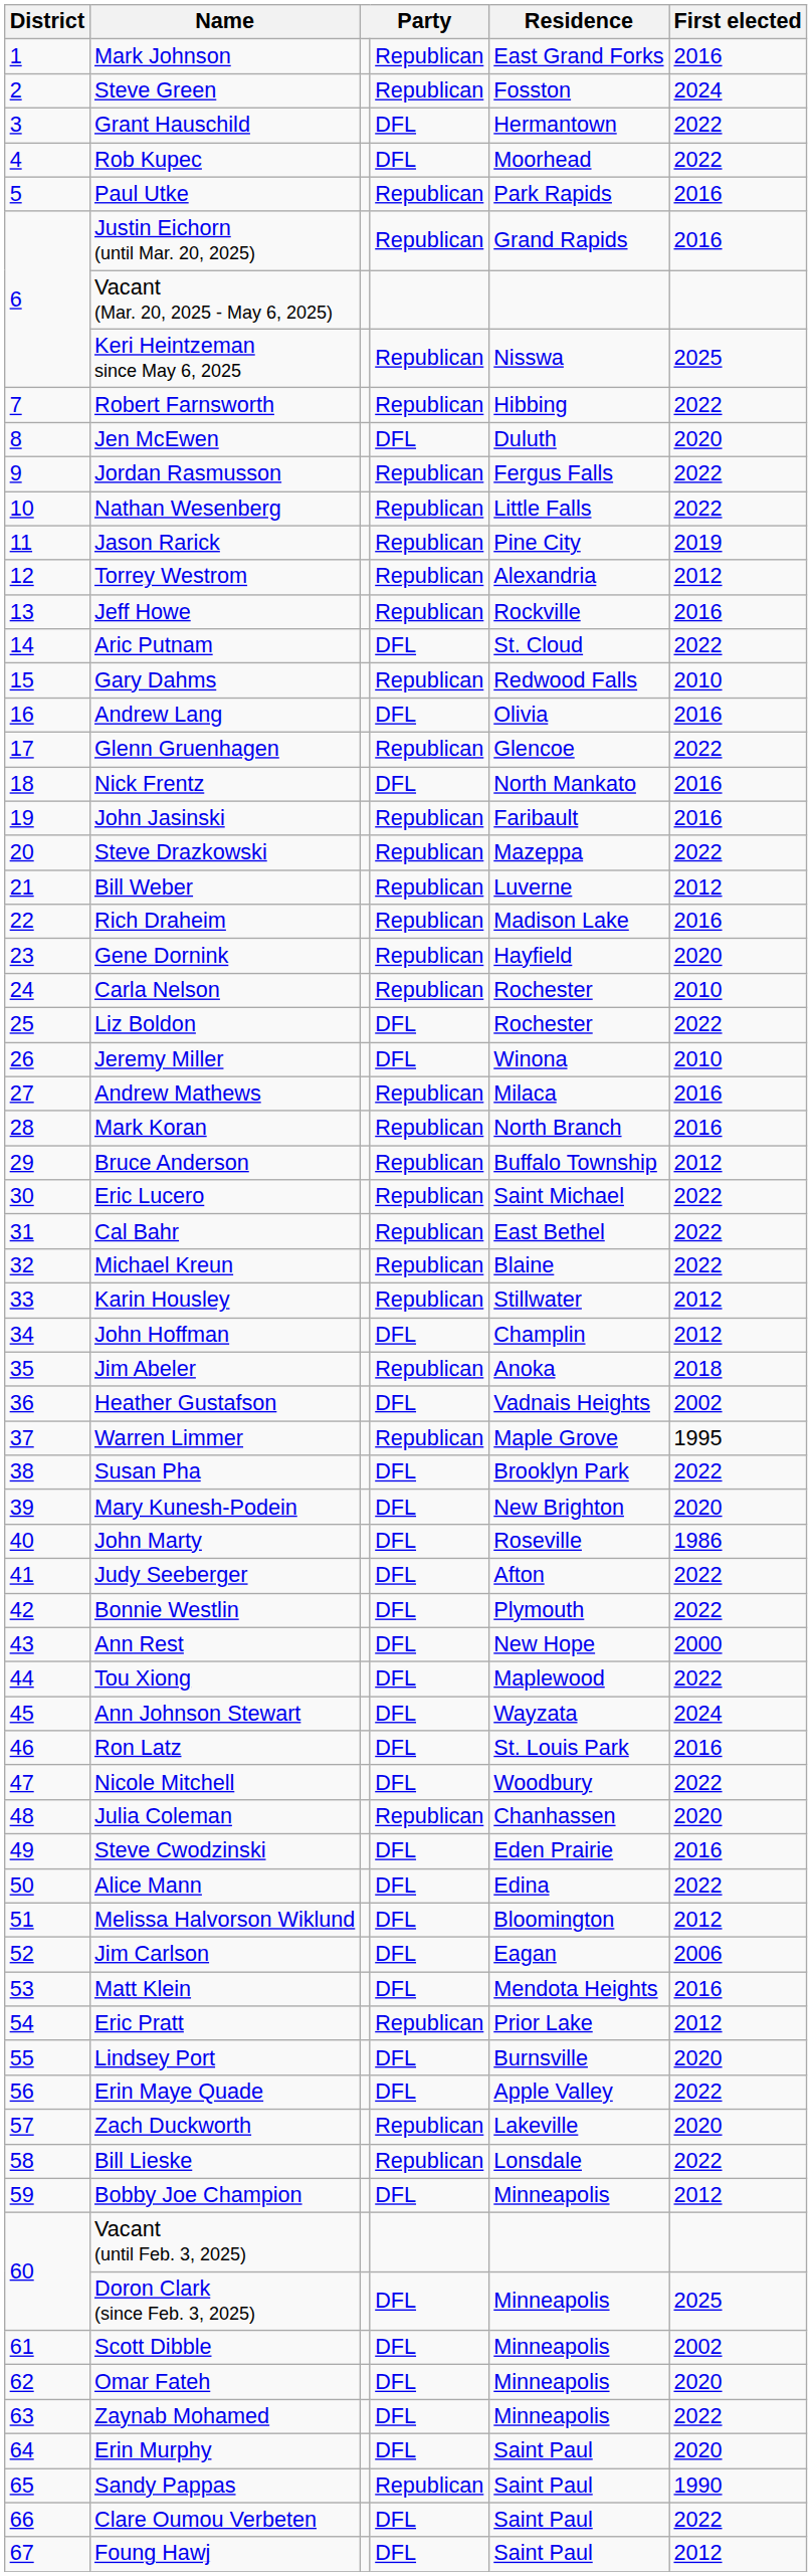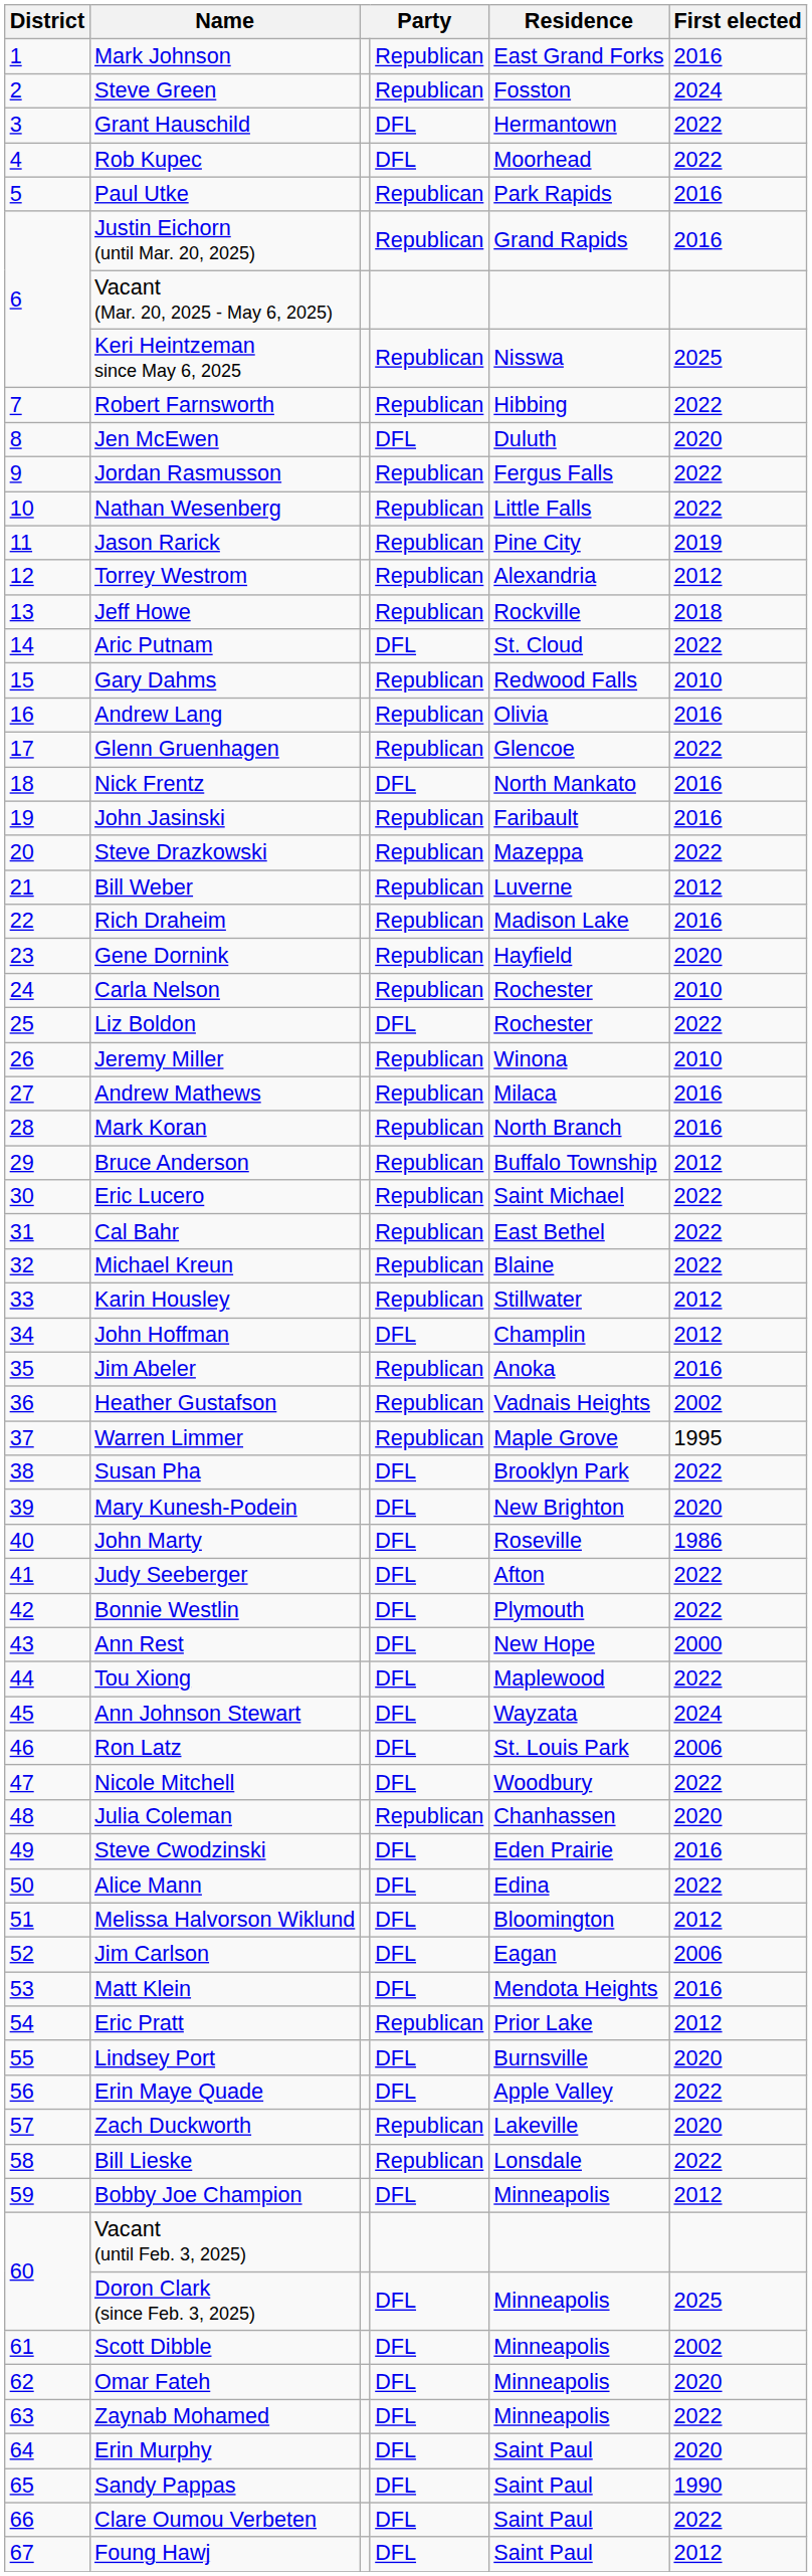 <table class="wikitable sortable">
 <tr>
 <th>District</th>
 <th>Name</th>
 <th colspan=2>Party</th>
 <th>Residence</th>
 <th>First elected</th>
 </tr>
 <tr>
 <td><a href='#'>1</a></td>
 <td data-sort-value="Johnson, Mark"><a href='#'>Mark Johnson</a></td>
 <td style="background:"></td>
 <td><a href='#'>Republican</a></td>
 <td><a href='#'>East Grand Forks</a></td>
 <td><a href='#'>2016</a></td>
 </tr>
 <tr>
 <td><a href='#'>2</a></td>
 <td data-sort-value="Green, Steve"><a href='#'>Steve Green</a></td>
 <td style="background:"></td>
 <td><a href='#'>Republican</a></td>
 <td><a href='#'>Fosston</a></td>
 <td><a href='#'>2024</a></td>
 </tr>
 <tr>
 <td><a href='#'>3</a></td>
 <td data-sort-value="Hauschild, Grant"><a href='#'>Grant Hauschild</a></td>
 <td style="background:"></td>
 <td><a href='#'>DFL</a></td>
 <td><a href='#'>Hermantown</a></td>
 <td><a href='#'>2022</a></td>
 </tr>
 <tr>
 <td><a href='#'>4</a></td>
 <td data-sort-value="Kupec, Rob"><a href='#'>Rob Kupec</a></td>
 <td style="background:"></td>
 <td><a href='#'>DFL</a></td>
 <td><a href='#'>Moorhead</a></td>
 <td><a href='#'>2022</a></td>
 </tr>
 <tr>
 <td><a href='#'>5</a></td>
 <td data-sort-value="Utke, Paul"><a href='#'>Paul Utke</a></td>
 <td style="background:"></td>
 <td><a href='#'>Republican</a></td>
 <td><a href='#'>Park Rapids</a></td>
 <td><a href='#'>2016</a></td>
 </tr>
 <tr>
 <td rowspan=3><a href='#'>6</a></td>
 <td data-sort-value="Eichorn, Justin"><a href='#'>Justin Eichorn</a><br><small>(until Mar. 20, 2025)</small></td>
 <td style="background:"></td>
 <td><a href='#'>Republican</a></td>
 <td><a href='#'>Grand Rapids</a></td>
 <td><a href='#'>2016</a></td>
 </tr>
 <tr>
 <td data-sort-value="Vacant">Vacant<br><small>(Mar. 20, 2025 - May 6, 2025)</small></td>
 <td style="background:"></td>
 <td></td>
 <td></td>
 <td></td>
 </tr>
 <tr>
 <td data-sort-value="Heintzeman, Keri"><a href='#'>Keri Heintzeman</a><br><small>since May 6, 2025 </small></td>
 <td style="background:"></td>
 <td><a href='#'>Republican</a></td>
 <td><a href='#'>Nisswa</a></td>
 <td><a href='#'>2025</a></td>
 </tr>
 <tr>
 <td><a href='#'>7</a></td>
 <td data-sort-value="Farnsworth, Rob"><a href='#'>Robert Farnsworth</a></td>
 <td style="background:"></td>
 <td><a href='#'>Republican</a></td>
 <td><a href='#'>Hibbing</a></td>
 <td><a href='#'>2022</a></td>
 </tr>
 <tr>
 <td><a href='#'>8</a></td>
 <td data-sort-value="McEwen, Jen"><a href='#'>Jen McEwen</a></td>
 <td style="background:"></td>
 <td><a href='#'>DFL</a></td>
 <td><a href='#'>Duluth</a></td>
 <td><a href='#'>2020</a></td>
 </tr>
 <tr>
 <td><a href='#'>9</a></td>
 <td data-sort-value="Rasmusson, Jordan"><a href='#'>Jordan Rasmusson</a></td>
 <td style="background:"></td>
 <td><a href='#'>Republican</a></td>
 <td><a href='#'>Fergus Falls</a></td>
 <td><a href='#'>2022</a></td>
 </tr>
 <tr>
 <td><a href='#'>10</a></td>
 <td data-sort-value="Wesenberg, Nathan"><a href='#'>Nathan Wesenberg</a></td>
 <td style="background:"></td>
 <td><a href='#'>Republican</a></td>
 <td><a href='#'>Little Falls</a></td>
 <td><a href='#'>2022</a></td>
 </tr>
 <tr>
 <td><a href='#'>11</a></td>
 <td data-sort-value="Rarick, Jason"><a href='#'>Jason Rarick</a></td>
 <td style="background:"></td>
 <td><a href='#'>Republican</a></td>
 <td><a href='#'>Pine City</a></td>
 <td><a href='#'>2019</a></td>
 </tr>
 <tr>
 <td><a href='#'>12</a></td>
 <td data-sort-value="Westrom, Torrey"><a href='#'>Torrey Westrom</a></td>
 <td style="background:"></td>
 <td><a href='#'>Republican</a></td>
 <td><a href='#'>Alexandria</a></td>
 <td><a href='#'>2012</a></td>
 </tr>
 <tr>
 <td><a href='#'>13</a></td>
 <td data-sort-value="Howe, Jeff"><a href='#'>Jeff Howe</a></td>
 <td style="background:"></td>
 <td><a href='#'>Republican</a></td>
 <td><a href='#'>Rockville</a></td>
-<td><a href='#'>2016</a></td>
+<td><a href='#'>2018</a></td>
 </tr>
 <tr>
 <td><a href='#'>14</a></td>
 <td data-sort-value="Putnam, Aric"><a href='#'>Aric Putnam</a></td>
 <td style="background:"></td>
 <td><a href='#'>DFL</a></td>
 <td><a href='#'>St. Cloud</a></td>
 <td><a href='#'>2022</a></td>
 </tr>
 <tr>
 <td><a href='#'>15</a></td>
 <td data-sort-value="Dahms, Gary"><a href='#'>Gary Dahms</a></td>
 <td style="background:"></td>
 <td><a href='#'>Republican</a></td>
 <td><a href='#'>Redwood Falls</a></td>
 <td><a href='#'>2010</a></td>
 </tr>
 <tr>
 <td><a href='#'>16</a></td>
 <td data-sort-value="Lang, Andrew"><a href='#'>Andrew Lang</a></td>
 <td style="background:"></td>
-<td><a href='#'>DFL</a></td>
+<td><a href='#'>Republican</a></td>
 <td><a href='#'>Olivia</a></td>
 <td><a href='#'>2016</a></td>
 </tr>
 <tr>
 <td><a href='#'>17</a></td>
 <td data-sort-value="Gruenhagen, Glenn"><a href='#'>Glenn Gruenhagen</a></td>
 <td style="background:"></td>
 <td><a href='#'>Republican</a></td>
 <td><a href='#'>Glencoe</a></td>
 <td><a href='#'>2022</a></td>
 </tr>
 <tr>
 <td><a href='#'>18</a></td>
 <td data-sort-value="Frentz, Nick"><a href='#'>Nick Frentz</a></td>
 <td style="background:"></td>
 <td><a href='#'>DFL</a></td>
 <td><a href='#'>North Mankato</a></td>
 <td><a href='#'>2016</a></td>
 </tr>
 <tr>
 <td><a href='#'>19</a></td>
 <td data-sort-value="Jasinski, John"><a href='#'>John Jasinski</a></td>
 <td style="background:"></td>
 <td><a href='#'>Republican</a></td>
 <td><a href='#'>Faribault</a></td>
 <td><a href='#'>2016</a></td>
 </tr>
 <tr>
 <td><a href='#'>20</a></td>
 <td data-sort-value="Drazkowski, Steve"><a href='#'>Steve Drazkowski</a></td>
 <td style="background:"></td>
 <td><a href='#'>Republican</a></td>
 <td><a href='#'>Mazeppa</a></td>
 <td><a href='#'>2022</a></td>
 </tr>
 <tr>
 <td><a href='#'>21</a></td>
 <td data-sort-value="Weber, Bill"><a href='#'>Bill Weber</a></td>
 <td style="background:"></td>
 <td><a href='#'>Republican</a></td>
 <td><a href='#'>Luverne</a></td>
 <td><a href='#'>2012</a></td>
 </tr>
 <tr>
 <td><a href='#'>22</a></td>
 <td data-sort-value="Draheim, Rich"><a href='#'>Rich Draheim</a></td>
 <td style="background:"></td>
 <td><a href='#'>Republican</a></td>
 <td><a href='#'>Madison Lake</a></td>
 <td><a href='#'>2016</a></td>
 </tr>
 <tr>
 <td><a href='#'>23</a></td>
 <td data-sort-value="Dornik, Gene"><a href='#'>Gene Dornink</a></td>
 <td style="background:"></td>
 <td><a href='#'>Republican</a></td>
 <td><a href='#'>Hayfield</a></td>
 <td><a href='#'>2020</a></td>
 </tr>
 <tr>
 <td><a href='#'>24</a></td>
 <td data-sort-value="Nelson, Carla"><a href='#'>Carla Nelson</a></td>
 <td style="background:"></td>
 <td><a href='#'>Republican</a></td>
 <td><a href='#'>Rochester</a></td>
 <td><a href='#'>2010</a></td>
 </tr>
 <tr>
 <td><a href='#'>25</a></td>
 <td data-sort-value="Boldon, Liz"><a href='#'>Liz Boldon</a></td>
 <td style="background:"></td>
 <td><a href='#'>DFL</a></td>
 <td><a href='#'>Rochester</a></td>
 <td><a href='#'>2022</a></td>
 </tr>
 <tr>
 <td><a href='#'>26</a></td>
 <td data-sort-value="Miller, Jeremy"><a href='#'>Jeremy Miller</a></td>
 <td style="background:"></td>
-<td><a href='#'>DFL</a></td>
+<td><a href='#'>Republican</a></td>
 <td><a href='#'>Winona</a></td>
 <td><a href='#'>2010</a></td>
 </tr>
 <tr>
 <td><a href='#'>27</a></td>
 <td data-sort-value="Mathews, Andrew"><a href='#'>Andrew Mathews</a></td>
 <td style="background:"></td>
 <td><a href='#'>Republican</a></td>
 <td><a href='#'>Milaca</a></td>
 <td><a href='#'>2016</a></td>
 </tr>
 <tr>
 <td><a href='#'>28</a></td>
 <td data-sort-value="Koran, Mark"><a href='#'>Mark Koran</a></td>
 <td style="background:"></td>
 <td><a href='#'>Republican</a></td>
 <td><a href='#'>North Branch</a></td>
 <td><a href='#'>2016</a></td>
 </tr>
 <tr>
 <td><a href='#'>29</a></td>
 <td data-sort-value="Anderson, Bruce"><a href='#'>Bruce Anderson</a></td>
 <td style="background:"></td>
 <td><a href='#'>Republican</a></td>
 <td><a href='#'>Buffalo Township</a></td>
 <td><a href='#'>2012</a></td>
 </tr>
 <tr>
 <td><a href='#'>30</a></td>
 <td data-sort-value="Lucero, Eric"><a href='#'>Eric Lucero</a></td>
 <td style="background:"></td>
 <td><a href='#'>Republican</a></td>
 <td><a href='#'>Saint Michael</a></td>
 <td><a href='#'>2022</a></td>
 </tr>
 <tr>
 <td><a href='#'>31</a></td>
 <td data-sort-value="Bahr, Cal"><a href='#'>Cal Bahr</a></td>
 <td style="background:"></td>
 <td><a href='#'>Republican</a></td>
 <td><a href='#'>East Bethel</a></td>
 <td><a href='#'>2022</a></td>
 </tr>
 <tr>
 <td><a href='#'>32</a></td>
 <td data-sort-value="Kreun, Michael"><a href='#'>Michael Kreun</a></td>
 <td style="background:"></td>
 <td><a href='#'>Republican</a></td>
 <td><a href='#'>Blaine</a></td>
 <td><a href='#'>2022</a></td>
 </tr>
 <tr>
 <td><a href='#'>33</a></td>
 <td data-sort-value="Housley, Karin"><a href='#'>Karin Housley</a></td>
 <td style="background:"></td>
 <td><a href='#'>Republican</a></td>
 <td><a href='#'>Stillwater</a></td>
 <td><a href='#'>2012</a></td>
 </tr>
 <tr>
 <td><a href='#'>34</a></td>
 <td data-sort-value="Hoffman, John"><a href='#'>John Hoffman</a></td>
 <td style="background:"></td>
 <td><a href='#'>DFL</a></td>
 <td><a href='#'>Champlin</a></td>
 <td><a href='#'>2012</a></td>
 </tr>
 <tr>
 <td><a href='#'>35</a></td>
 <td data-sort-value="Abeler, Jim"><a href='#'>Jim Abeler</a></td>
 <td style="background:"></td>
 <td><a href='#'>Republican</a></td>
 <td><a href='#'>Anoka</a></td>
-<td><a href='#'>2018</a></td>
+<td><a href='#'>2016</a></td>
 </tr>
 <tr>
 <td><a href='#'>36</a></td>
 <td data-sort-value="Gustafson, Heather"><a href='#'>Heather Gustafson</a></td>
 <td style="background:"></td>
-<td><a href='#'>DFL</a></td>
+<td><a href='#'>Republican</a></td>
 <td><a href='#'>Vadnais Heights</a></td>
 <td><a href='#'>2002</a></td>
 </tr>
 <tr>
 <td><a href='#'>37</a></td>
 <td data-sort-value="Limmer, Warren"><a href='#'>Warren Limmer</a></td>
 <td style="background:"></td>
 <td><a href='#'>Republican</a></td>
 <td><a href='#'>Maple Grove</a></td>
 <td>1995</td>
 </tr>
 <tr>
 <td><a href='#'>38</a></td>
 <td data-sort-value="Pha, Susan"><a href='#'>Susan Pha</a></td>
 <td style="background:"></td>
 <td><a href='#'>DFL</a></td>
 <td><a href='#'>Brooklyn Park</a></td>
 <td><a href='#'>2022</a></td>
 </tr>
 <tr>
 <td><a href='#'>39</a></td>
 <td data-sort-value="Kunesh-Podein, Mary"><a href='#'>Mary Kunesh-Podein</a></td>
 <td style="background:"></td>
 <td><a href='#'>DFL</a></td>
 <td><a href='#'>New Brighton</a></td>
 <td><a href='#'>2020</a></td>
 </tr>
 <tr>
 <td><a href='#'>40</a></td>
 <td data-sort-value="Marty, John"><a href='#'>John Marty</a></td>
 <td style="background:"></td>
 <td><a href='#'>DFL</a></td>
 <td><a href='#'>Roseville</a></td>
 <td><a href='#'>1986</a></td>
 </tr>
 <tr>
 <td><a href='#'>41</a></td>
 <td data-sort-value="Seeberger, Judy"><a href='#'>Judy Seeberger</a></td>
 <td style="background:"></td>
 <td><a href='#'>DFL</a></td>
 <td><a href='#'>Afton</a></td>
 <td><a href='#'>2022</a></td>
 </tr>
 <tr>
 <td><a href='#'>42</a></td>
 <td data-sort-value="Westlin, Bonnie"><a href='#'>Bonnie Westlin</a></td>
 <td style="background:"></td>
 <td><a href='#'>DFL</a></td>
 <td><a href='#'>Plymouth</a></td>
 <td><a href='#'>2022</a></td>
 </tr>
 <tr>
 <td><a href='#'>43</a></td>
 <td data-sort-value="Rest, Ann"><a href='#'>Ann Rest</a></td>
 <td style="background:"></td>
 <td><a href='#'>DFL</a></td>
 <td><a href='#'>New Hope</a></td>
 <td><a href='#'>2000</a></td>
 </tr>
 <tr>
 <td><a href='#'>44</a></td>
 <td data-sort-value="Xiong, Tou"><a href='#'>Tou Xiong</a></td>
 <td style="background:"></td>
 <td><a href='#'>DFL</a></td>
 <td><a href='#'>Maplewood</a></td>
 <td><a href='#'>2022</a></td>
 </tr>
 <tr>
 <td><a href='#'>45</a></td>
 <td data-sort-value="Stewart, Ann Johnson"><a href='#'>Ann Johnson Stewart</a></td>
 <td style="background:"></td>
 <td><a href='#'>DFL</a></td>
 <td><a href='#'>Wayzata</a></td>
 <td><a href='#'>2024</a></td>
 </tr>
 <tr>
 <td><a href='#'>46</a></td>
 <td data-sort-value="Latz, Ron"><a href='#'>Ron Latz</a></td>
 <td style="background:"></td>
 <td><a href='#'>DFL</a></td>
 <td><a href='#'>St. Louis Park</a></td>
-<td><a href='#'>2016</a></td>
+<td><a href='#'>2006</a></td>
 </tr>
 <tr>
 <td><a href='#'>47</a></td>
 <td data-sort-value="Mitchell, Nicole"><a href='#'>Nicole Mitchell</a></td>
 <td style="background:"></td>
 <td><a href='#'>DFL</a></td>
 <td><a href='#'>Woodbury</a></td>
 <td><a href='#'>2022</a></td>
 </tr>
 <tr>
 <td><a href='#'>48</a></td>
 <td data-sort-value="Coleman, Julia"><a href='#'>Julia Coleman</a></td>
 <td style="background:"></td>
 <td><a href='#'>Republican</a></td>
 <td><a href='#'>Chanhassen</a></td>
 <td><a href='#'>2020</a></td>
 </tr>
 <tr>
 <td><a href='#'>49</a></td>
 <td data-sort-value="Cwodzinski, Steve"><a href='#'>Steve Cwodzinski</a></td>
 <td style="background:"></td>
 <td><a href='#'>DFL</a></td>
 <td><a href='#'>Eden Prairie</a></td>
 <td><a href='#'>2016</a></td>
 </tr>
 <tr>
 <td><a href='#'>50</a></td>
 <td data-sort-value="Mann, Alice"><a href='#'>Alice Mann</a></td>
 <td style="background:"></td>
 <td><a href='#'>DFL</a></td>
 <td><a href='#'>Edina</a></td>
 <td><a href='#'>2022</a></td>
 </tr>
 <tr>
 <td><a href='#'>51</a></td>
 <td data-sort-value="Wiklund, Melissa Halvorson"><a href='#'>Melissa Halvorson Wiklund</a></td>
 <td style="background:"></td>
 <td><a href='#'>DFL</a></td>
 <td><a href='#'>Bloomington</a></td>
 <td><a href='#'>2012</a></td>
 </tr>
 <tr>
 <td><a href='#'>52</a></td>
 <td data-sort-value="Carlson, Jim"><a href='#'>Jim Carlson</a></td>
 <td style="background:"></td>
 <td><a href='#'>DFL</a></td>
 <td><a href='#'>Eagan</a></td>
 <td data-sort-value="2006"><a href='#'>2006</a></td>
 </tr>
 <tr>
 <td><a href='#'>53</a></td>
 <td data-sort-value="Klein, Matt"><a href='#'>Matt Klein</a></td>
 <td style="background:"></td>
 <td><a href='#'>DFL</a></td>
 <td><a href='#'>Mendota Heights</a></td>
 <td><a href='#'>2016</a></td>
 </tr>
 <tr>
 <td><a href='#'>54</a></td>
 <td data-sort-value="Pratt, Eric"><a href='#'>Eric Pratt</a></td>
 <td style="background:"></td>
 <td><a href='#'>Republican</a></td>
 <td><a href='#'>Prior Lake</a></td>
 <td><a href='#'>2012</a></td>
 </tr>
 <tr>
 <td><a href='#'>55</a></td>
 <td data-sort-value="Port, Lindsey"><a href='#'>Lindsey Port</a></td>
 <td style="background:"></td>
 <td><a href='#'>DFL</a></td>
 <td><a href='#'>Burnsville</a></td>
 <td><a href='#'>2020</a></td>
 </tr>
 <tr>
 <td><a href='#'>56</a></td>
 <td data-sort-value="Maye Quade, Erin"><a href='#'>Erin Maye Quade</a></td>
 <td style="background:"></td>
 <td><a href='#'>DFL</a></td>
 <td><a href='#'>Apple Valley</a></td>
 <td><a href='#'>2022</a></td>
 </tr>
 <tr>
 <td><a href='#'>57</a></td>
 <td data-sort-value="Duckworth, Zach"><a href='#'>Zach Duckworth</a></td>
 <td style="background:"></td>
 <td><a href='#'>Republican</a></td>
 <td><a href='#'>Lakeville</a></td>
 <td><a href='#'>2020</a></td>
 </tr>
 <tr>
 <td><a href='#'>58</a></td>
 <td data-sort-value="Lieske, Bill"><a href='#'>Bill Lieske</a></td>
 <td style="background:"></td>
 <td><a href='#'>Republican</a></td>
 <td><a href='#'>Lonsdale</a></td>
 <td><a href='#'>2022</a></td>
 </tr>
 <tr>
 <td><a href='#'>59</a></td>
 <td data-sort-value="Champion, Bobby Joe"><a href='#'>Bobby Joe Champion</a></td>
 <td style="background:"></td>
 <td><a href='#'>DFL</a></td>
 <td><a href='#'>Minneapolis</a></td>
 <td><a href='#'>2012</a></td>
 </tr>
 <tr>
 <td rowspan=2><a href='#'>60</a></td>
 <td>Vacant<br><small>(until Feb. 3, 2025)</small></td>
 <td></td>
 <td></td>
 <td></td>
 <td></td>
 </tr>
 <tr>
 <td data-sort-value="Clark, Doron"><a href='#'>Doron Clark</a><br><small>(since Feb. 3, 2025)</small></td>
 <td style="background:"></td>
 <td><a href='#'>DFL</a></td>
 <td><a href='#'>Minneapolis</a></td>
 <td><a href='#'>2025</a></td>
 </tr>
 <tr>
 <td><a href='#'>61</a></td>
 <td data-sort-value="Dibble, Scott"><a href='#'>Scott Dibble</a></td>
 <td style="background:"></td>
 <td><a href='#'>DFL</a></td>
 <td><a href='#'>Minneapolis</a></td>
 <td><a href='#'>2002</a></td>
 </tr>
 <tr>
 <td><a href='#'>62</a></td>
 <td data-sort-value="Fateh, Omar"><a href='#'>Omar Fateh</a></td>
 <td style="background:"></td>
 <td><a href='#'>DFL</a></td>
 <td><a href='#'>Minneapolis</a></td>
 <td><a href='#'>2020</a></td>
 </tr>
 <tr>
 <td><a href='#'>63</a></td>
 <td data-sort-value="Mohamed, Zaynab"><a href='#'>Zaynab Mohamed</a></td>
 <td style="background:"></td>
 <td><a href='#'>DFL</a></td>
 <td><a href='#'>Minneapolis</a></td>
 <td><a href='#'>2022</a></td>
 </tr>
 <tr>
 <td><a href='#'>64</a></td>
 <td data-sort-value="Murphy, Erin"><a href='#'>Erin Murphy</a></td>
 <td style="background:"></td>
 <td><a href='#'>DFL</a></td>
 <td><a href='#'>Saint Paul</a></td>
 <td><a href='#'>2020</a></td>
 </tr>
 <tr>
 <td><a href='#'>65</a></td>
 <td data-sort-value="Pappas, Sandy"><a href='#'>Sandy Pappas</a></td>
 <td style="background:"></td>
-<td><a href='#'>Republican</a></td>
+<td><a href='#'>DFL</a></td>
 <td><a href='#'>Saint Paul</a></td>
 <td><a href='#'>1990</a></td>
 </tr>
 <tr>
 <td><a href='#'>66</a></td>
 <td data-sort-value="Oumou Verbeten, Clare"><a href='#'>Clare Oumou Verbeten</a></td>
 <td style="background:"></td>
 <td><a href='#'>DFL</a></td>
 <td><a href='#'>Saint Paul</a></td>
 <td><a href='#'>2022</a></td>
 </tr>
 <tr>
 <td><a href='#'>67</a></td>
 <td data-sort-value="Hawj, Foung"><a href='#'>Foung Hawj</a></td>
 <td style="background:"></td>
 <td><a href='#'>DFL</a></td>
 <td><a href='#'>Saint Paul</a></td>
 <td><a href='#'>2012</a></td>
 </tr>
 </table>
